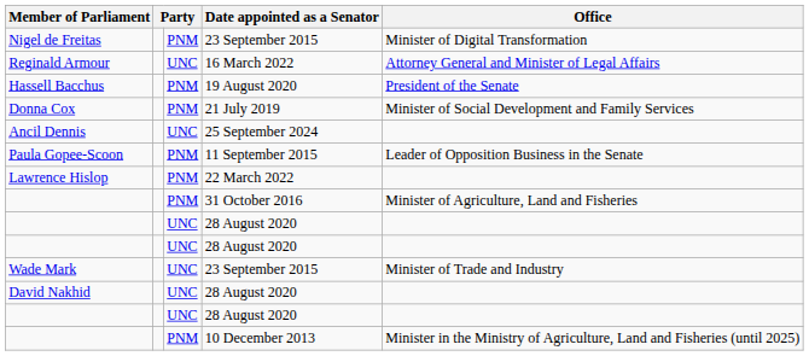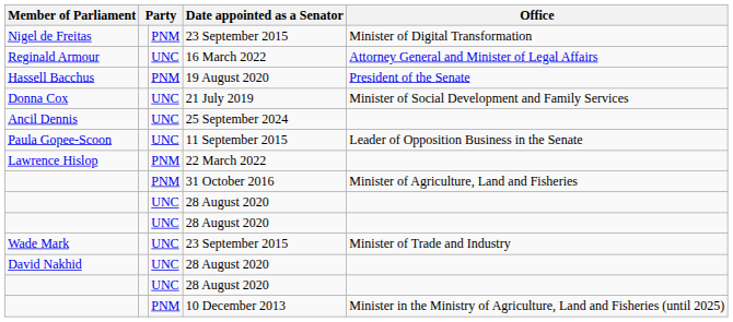 <table class="wikitable sortable mw-collapsible">
 <tr>
 <th>Member of Parliament</th>
 <th colspan="2">Party</th>
 <th>Date appointed as a Senator</th>
 <th>Office</th>
 </tr>
 <tr>
 <td><a href='#'>Nigel de Freitas</a></td>
 <td style="background:"> </td>
 <td><a href='#'>PNM</a></td>
 <td>23 September 2015</td>
 <td>Minister of Digital Transformation</td>
 </tr>
 <tr>
 <td><a href='#'>Reginald Armour</a></td>
 <td style="background:"> </td>
 <td><a href='#'>UNC</a></td>
 <td>16 March 2022</td>
 <td><a href='#'>Attorney General and Minister of Legal Affairs</a></td>
 </tr>
 <tr>
 <td><a href='#'>Hassell Bacchus</a></td>
 <td style="background:"> </td>
 <td><a href='#'>PNM</a></td>
 <td>19 August 2020</td>
 <td><a href='#'>President of the Senate</a></td>
 </tr>
 <tr>
 <td><a href='#'>Donna Cox</a></td>
 <td style="background:"> </td>
-<td><a href='#'>PNM</a></td>
+<td><a href='#'>UNC</a></td>
 <td>21 July 2019</td>
 <td>Minister of Social Development and Family Services</td>
 </tr>
 <tr>
 <td><a href='#'>Ancil Dennis</a></td>
 <td style="background:"> </td>
 <td><a href='#'>UNC</a></td>
 <td>25 September 2024</td>
 <td></td>
 </tr>
 <tr>
 <td><a href='#'>Paula Gopee-Scoon</a></td>
 <td style="background:"> </td>
-<td><a href='#'>PNM</a></td>
+<td><a href='#'>UNC</a></td>
 <td>11 September 2015</td>
 <td>Leader of Opposition Business in the Senate</td>
 </tr>
 <tr>
 <td><a href='#'>Lawrence Hislop</a></td>
 <td style="background:"> </td>
 <td><a href='#'>PNM</a></td>
 <td>22 March 2022</td>
 <td></td>
 </tr>
 <tr>
 <td></td>
 <td style="background:"> </td>
 <td><a href='#'>PNM</a></td>
 <td>31 October 2016</td>
 <td>Minister of Agriculture, Land and Fisheries</td>
 </tr>
 <tr>
 <td></td>
 <td style="background:"> </td>
 <td><a href='#'>UNC</a></td>
 <td>28 August 2020</td>
 <td></td>
 </tr>
 <tr>
 <td></td>
 <td style="background:"> </td>
 <td><a href='#'>UNC</a></td>
 <td>28 August 2020</td>
 <td></td>
 </tr>
 <tr>
 <td><a href='#'>Wade Mark</a></td>
 <td style="background:"> </td>
 <td><a href='#'>UNC</a></td>
 <td>23 September 2015</td>
 <td>Minister of Trade and Industry</td>
 </tr>
 <tr>
 <td><a href='#'>David Nakhid</a></td>
 <td style="background:"> </td>
 <td><a href='#'>UNC</a></td>
 <td>28 August 2020</td>
 <td></td>
 </tr>
 <tr>
 <td></td>
 <td style="background:"> </td>
 <td><a href='#'>UNC</a></td>
 <td>28 August 2020</td>
 <td></td>
 </tr>
 <tr>
 <td></td>
 <td style="background:"> </td>
 <td><a href='#'>PNM</a></td>
 <td>10 December 2013</td>
 <td>Minister in the Ministry of Agriculture, Land and Fisheries (until 2025)</td>
 </tr>
 </table>
